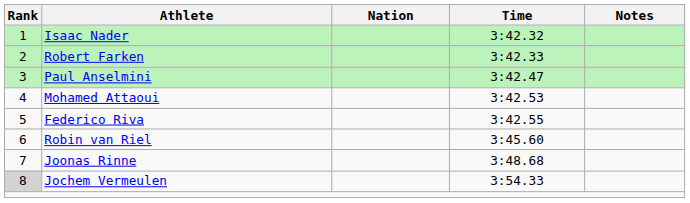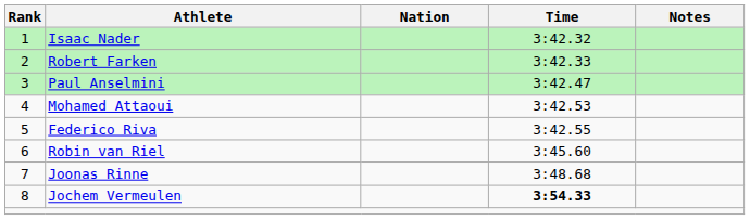 <table class="wikitable sortable" style="text-align:center;width: 55%;">
 <tr>
 <th scope="col" style="width: 10px;">Rank</th>
 <th scope="col">Athlete</th>
 <th scope="col">Nation</th>
 <th scope="col">Time</th>
 <th scope="col">Notes</th>
 </tr>
 <tr bgcolor=bbf3bb>
 <td>1</td>
 <td align=left><a href='#'>Isaac Nader</a></td>
 <td align=left></td>
 <td>3:42.32</td>
 <td></td>
 </tr>
 <tr bgcolor=bbf3bb>
 <td>2</td>
 <td align=left><a href='#'>Robert Farken</a></td>
 <td align=left></td>
 <td>3:42.33</td>
 <td></td>
 </tr>
 <tr bgcolor=bbf3bb>
 <td>3</td>
 <td align=left><a href='#'>Paul Anselmini</a></td>
 <td align=left></td>
 <td>3:42.47</td>
 <td></td>
 </tr>
 <tr>
 <td>4</td>
 <td align=left><a href='#'>Mohamed Attaoui</a></td>
 <td align=left></td>
 <td>3:42.53</td>
 <td></td>
 </tr>
 <tr>
 <td>5</td>
 <td align=left><a href='#'>Federico Riva</a></td>
 <td align=left></td>
 <td>3:42.55</td>
 <td></td>
 </tr>
 <tr>
 <td>6</td>
 <td align=left><a href='#'>Robin van Riel</a></td>
 <td align=left></td>
 <td>3:45.60</td>
 <td></td>
 </tr>
 <tr>
 <td>7</td>
 <td align=left><a href='#'>Joonas Rinne</a></td>
 <td align=left></td>
 <td>3:48.68</td>
 <td></td>
 </tr>
 <tr>
-<td style="background: lightgrey;">8</td>
+<td>8</td>
 <td align=left><a href='#'>Jochem Vermeulen</a></td>
 <td align=left></td>
-<td>3:54.33</td>
+<td><strong>3:54.33</strong></td>
 <td></td>
 </tr>
 <tr class="sortbottom">
 <td colspan="5"></td>
 </tr>
 </table>
